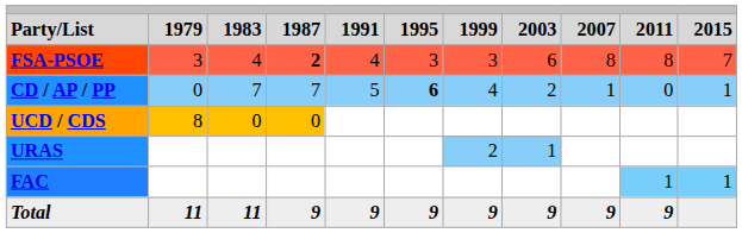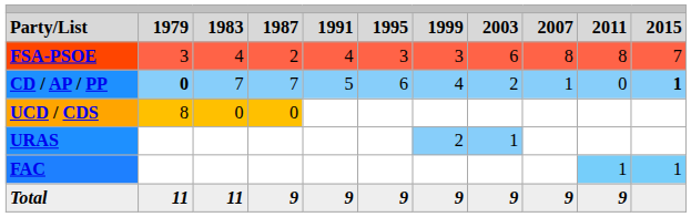 <table class="wikitable mw-collapsible mw-collapsed" style="margin:0 auto">
 <tr>
 <td colspan="11" width="600px" bgcolor="#C0C0C0"></td>
 </tr>
 <tr bgcolor="#D8D8D8">
 <td><strong>Party/List</strong></td>
 <td align="right"><strong>1979</strong></td>
 <td align="right"><strong>1983</strong></td>
 <td align="right"><strong>1987</strong></td>
 <td align="right"><strong>1991</strong></td>
 <td align="right"><strong>1995</strong></td>
 <td align="right"><strong>1999</strong></td>
 <td align="right"><strong>2003</strong></td>
 <td align="right"><strong>2007</strong></td>
 <td align="right"><strong>2011</strong></td>
 <td align="right"><strong>2015</strong></td>
 </tr>
 <tr>
 <td bgcolor="#FF4500"><strong><a href='#'>FSA-PSOE</a></strong></td>
 <td bgcolor="#FF6347" align="right">3</td>
 <td bgcolor="#FF6347" align="right">4</td>
-<td bgcolor="#FF6347" align="right"><strong>2</strong></td>
+<td bgcolor="#FF6347" align="right">2</td>
 <td bgcolor="#FF6347" align="right">4</td>
 <td bgcolor="#FF6347" align="right">3</td>
 <td bgcolor="#FF6347" align="right">3</td>
 <td bgcolor="#FF6347" align="right">6</td>
 <td bgcolor="#FF6347" align="right">8</td>
 <td bgcolor="#FF6347" align="right">8</td>
 <td bgcolor="#FF6347" align="right">7</td>
 </tr>
 <tr>
 <td bgcolor="#1E90FF"><strong><a href='#'>CD</a> / <a href='#'>AP</a> / <a href='#'>PP</a></strong></td>
-<td bgcolor="#87CEFA" align="right">0</td>
+<td bgcolor="#87CEFA" align="right"><strong>0</strong></td>
 <td bgcolor="#87CEFA" align="right">7</td>
 <td bgcolor="#87CEFA" align="right">7</td>
 <td bgcolor="#87CEFA" align="right">5</td>
-<td bgcolor="#87CEFA" align="right"><strong>6</strong></td>
+<td bgcolor="#87CEFA" align="right">6</td>
 <td bgcolor="#87CEFA" align="right">4</td>
 <td bgcolor="#87CEFA" align="right">2</td>
 <td bgcolor="#87CEFA" align="right">1</td>
 <td bgcolor="#87CEFA" align="right">0</td>
-<td bgcolor="#87CEFA" align="right">1</td>
+<td bgcolor="#87CEFA" align="right"><strong>1</strong></td>
 </tr>
 <tr>
 <td bgcolor="#FFA500"><strong><a href='#'>UCD</a> / <a href='#'>CDS</a></strong></td>
 <td bgcolor="#ffC000" align="right">8</td>
 <td bgcolor="#ffC000" align="right">0</td>
 <td bgcolor="#ffC000" align="right">0</td>
 <td bgcolor="#FFFFFF" align="right"></td>
 <td bgcolor="#FFFFFF" align="right"></td>
 <td bgcolor="#FFFFFF" align="right"></td>
 <td bgcolor="#FFFFFF" align="right"></td>
 <td bgcolor="#FFFFFF" align="right"></td>
 <td bgcolor="#FFFFFF" align="right"></td>
 <td bgcolor="#FFFFFF" align="right"></td>
 </tr>
 <tr>
 <td bgcolor="#1E90FF"><strong><a href='#'>URAS</a></strong></td>
 <td bgcolor="#FFFFFF" align="right"></td>
 <td bgcolor="#FFFFFF" align="right"></td>
 <td bgcolor="#FFFFFF" align="right"></td>
 <td bgcolor="#FFFFFF" align="right"></td>
 <td bgcolor="#FFFFFF" align="right"></td>
 <td bgcolor="#87CEFA" align="right">2</td>
 <td bgcolor="#87CEFA" align="right">1</td>
 <td bgcolor="#FFFFFF" align="right"></td>
 <td bgcolor="#FFFFFF" align="right"></td>
 <td bgcolor="#FFFFFF" align="right"></td>
 </tr>
 <tr>
 <td bgcolor="#1E80FF"><strong><a href='#'>FAC</a></strong></td>
 <td bgcolor="#FFFFFF" align="right"></td>
 <td bgcolor="#FFFFFF" align="right"></td>
 <td bgcolor="#FFFFFF" align="right"></td>
 <td bgcolor="#FFFFFF" align="right"></td>
 <td bgcolor="#FFFFFF" align="right"></td>
 <td bgcolor="#FFFFFF" align="right"></td>
 <td bgcolor="#FFFFFF" align="right"></td>
 <td bgcolor="#FFFFFF" align="right"></td>
 <td bgcolor="#76CEFA" align="right">1</td>
 <td bgcolor="#76CEFA" align="right">1</td>
 </tr>
 <tr bgcolor="#EEEEEE">
 <td><strong><em>Total</em></strong></td>
 <td align="right"><strong><em>11</em></strong></td>
 <td align="right"><strong><em>11</em></strong></td>
 <td align="right"><strong><em>9</em></strong></td>
 <td align="right"><strong><em>9</em></strong></td>
 <td align="right"><strong><em>9</em></strong></td>
 <td align="right"><strong><em>9</em></strong></td>
 <td align="right"><strong><em>9</em></strong></td>
 <td align="right"><strong><em>9</em></strong></td>
 <td align="right"><strong><em>9</em></strong></td>
 <td align="right"></td>
 </tr>
 </table>
